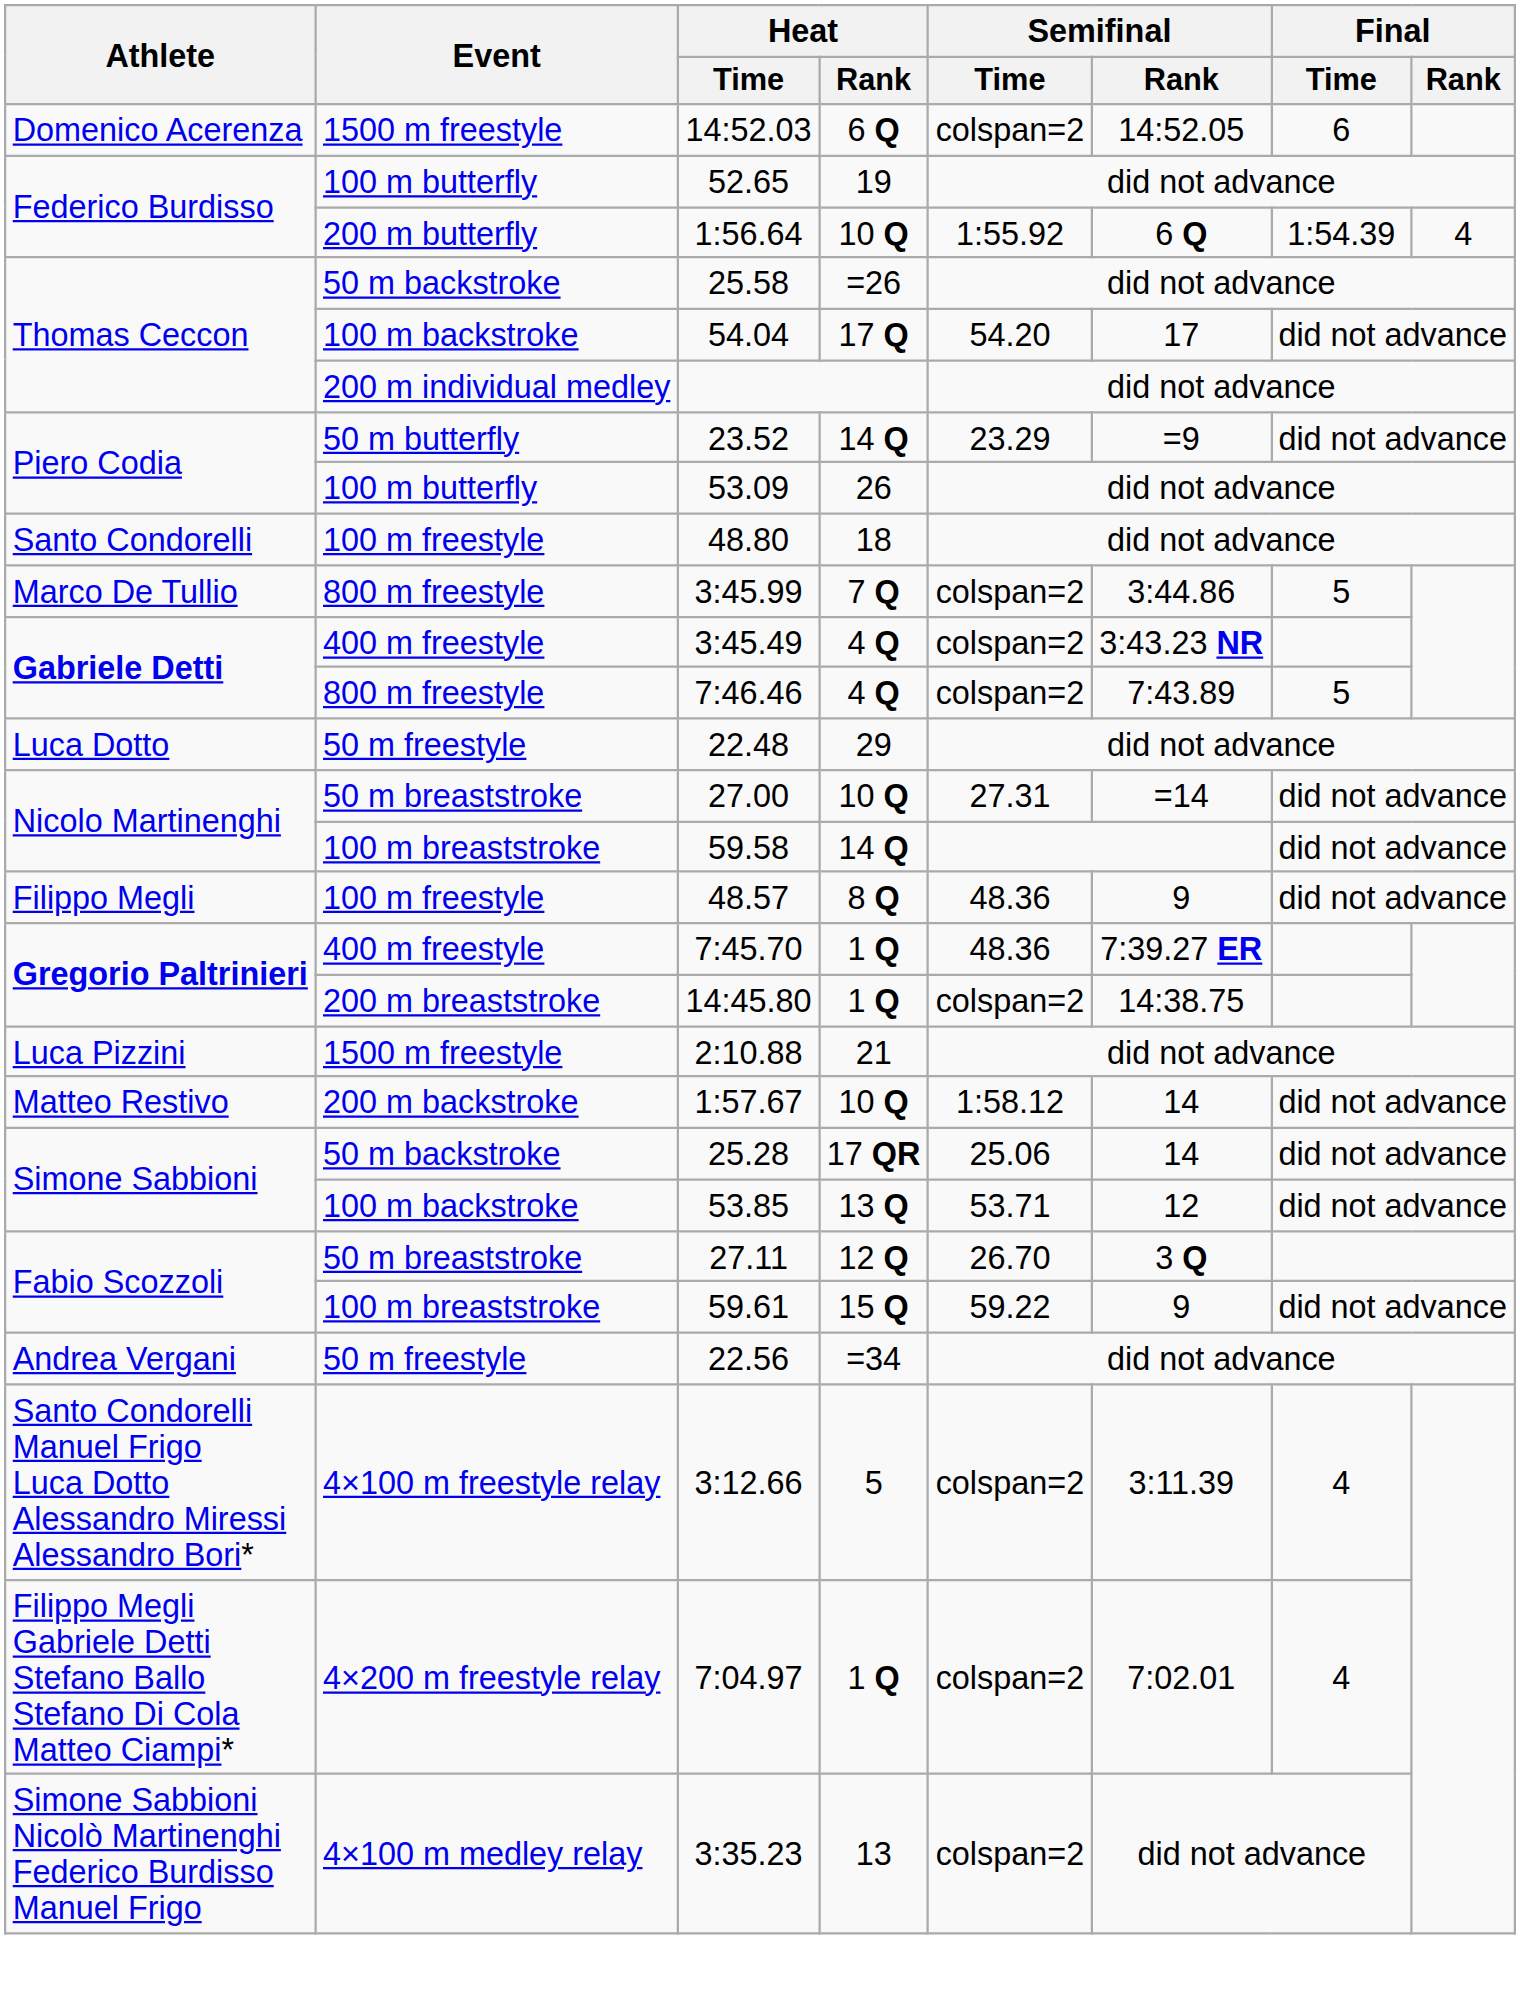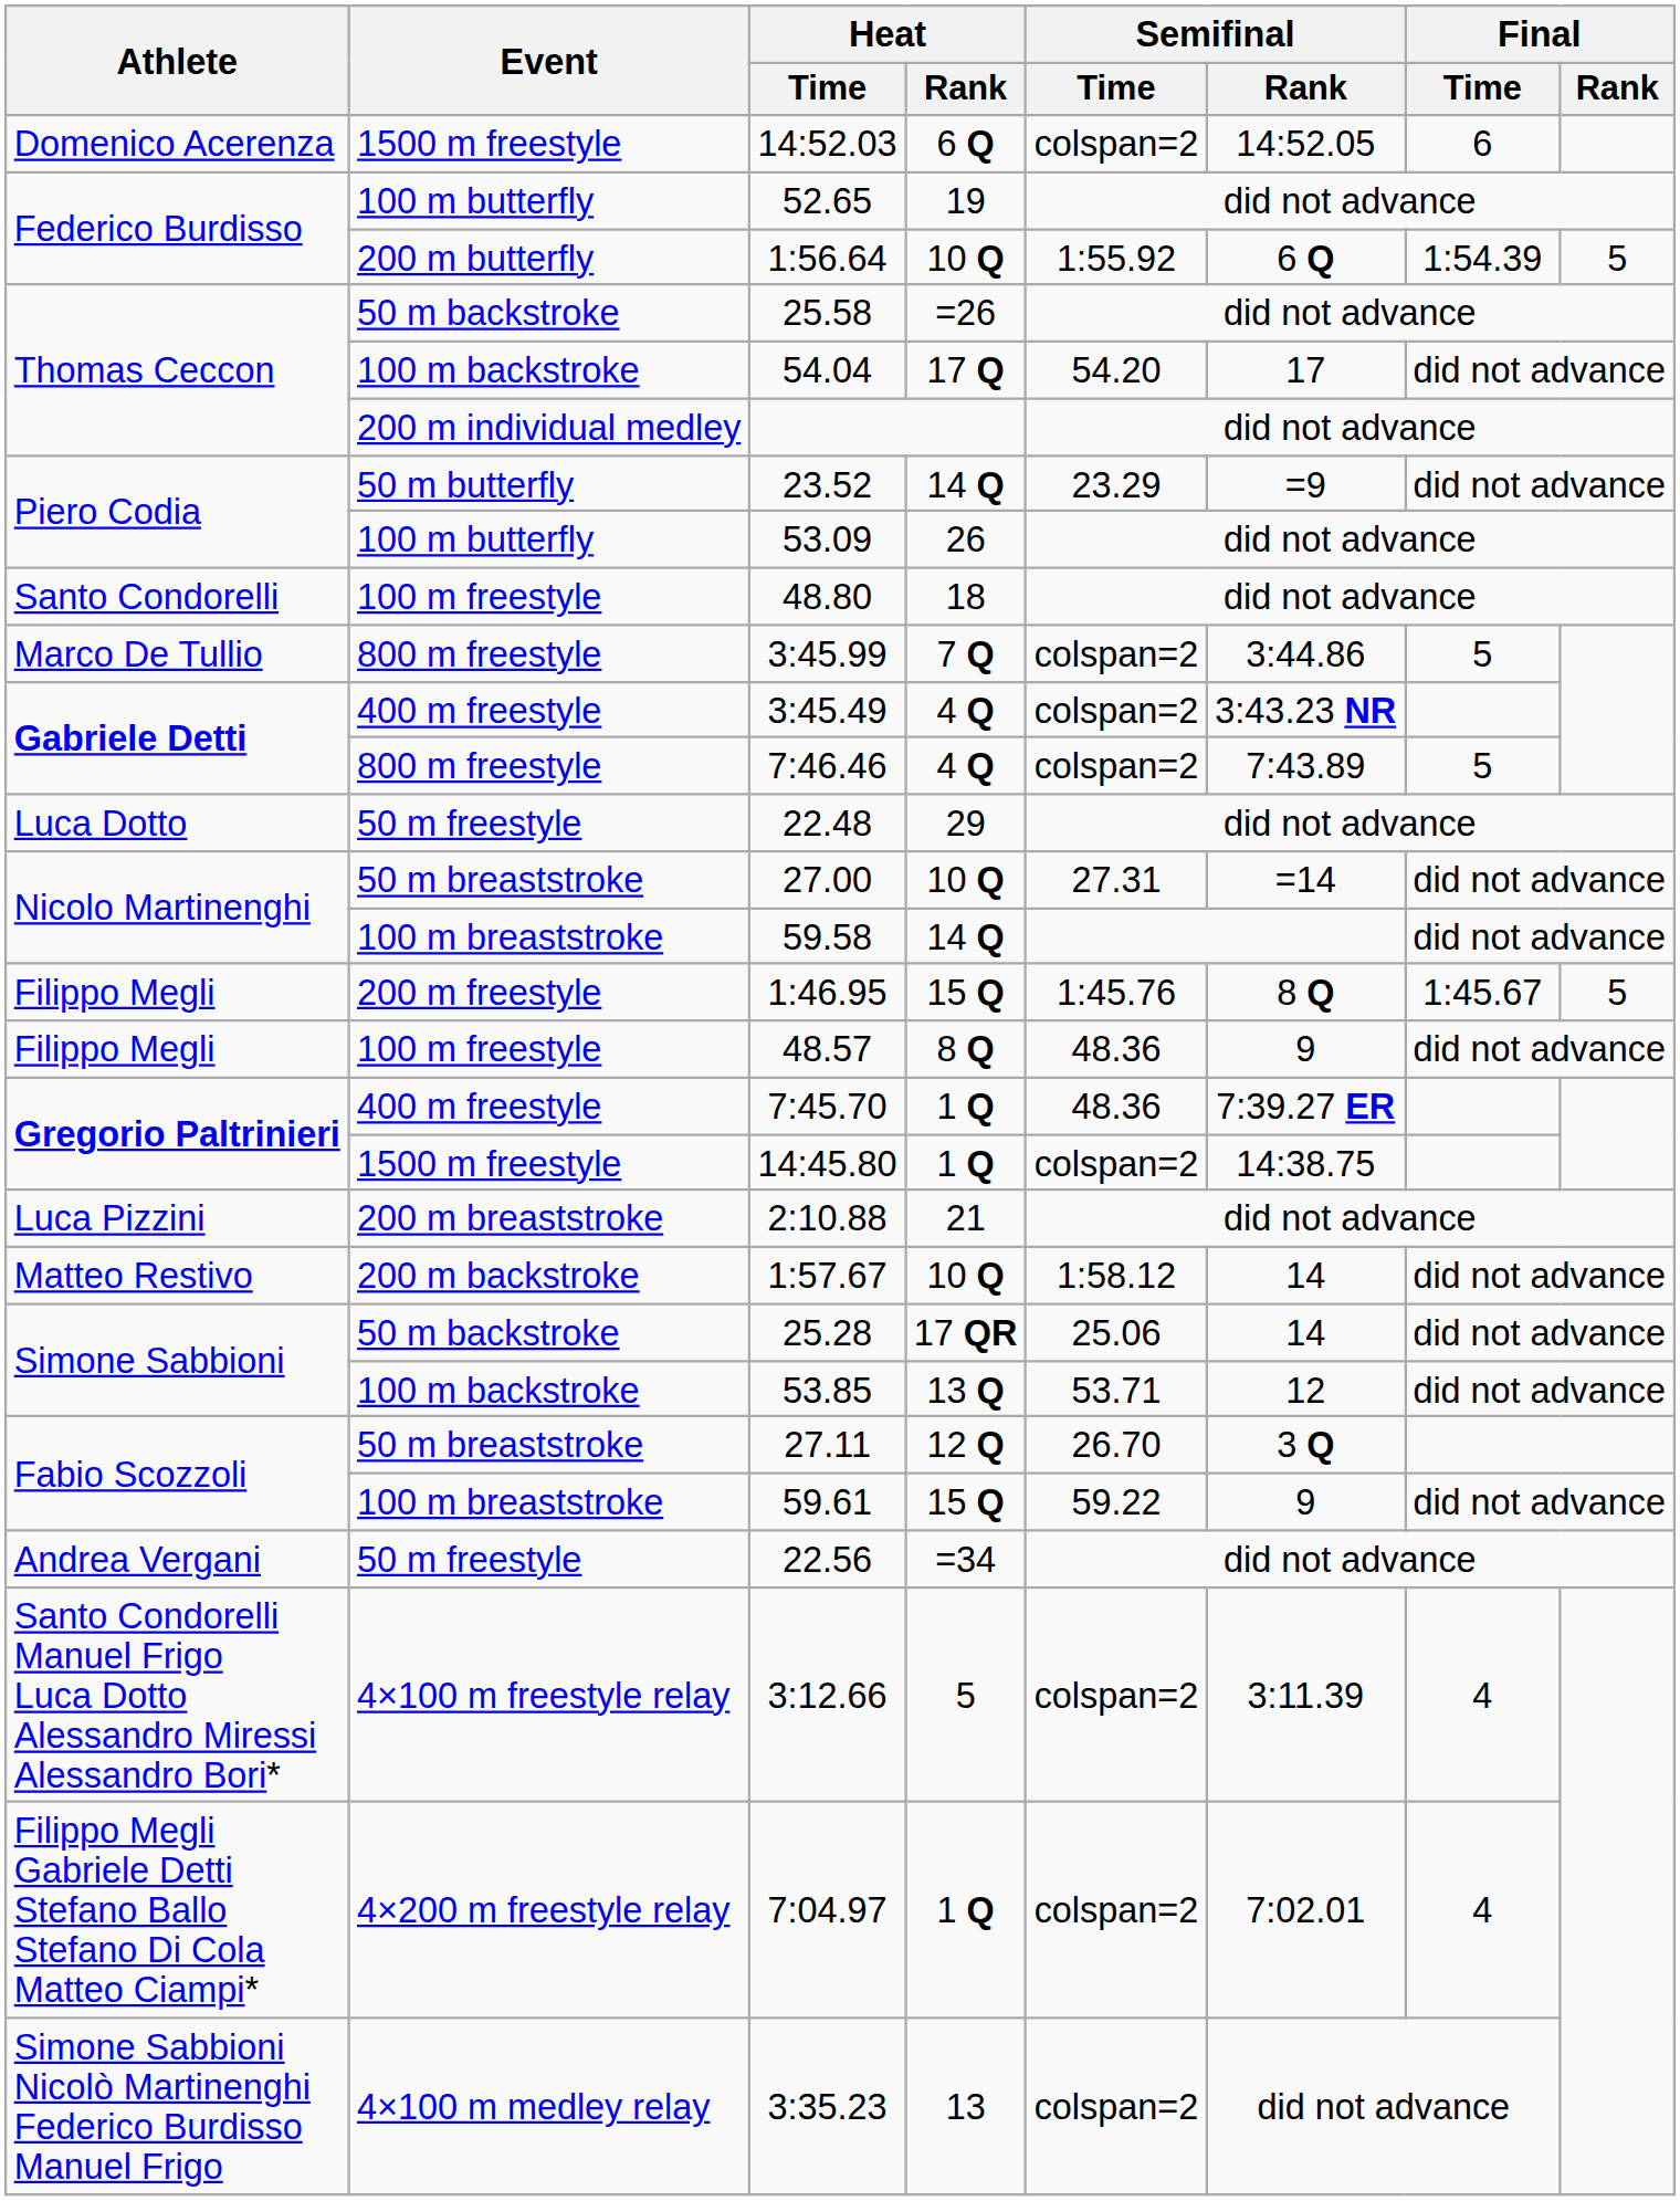 <table class="wikitable" style="text-align:center; font-size:90%">
 <tr>
 <th rowspan="2">Athlete</th>
 <th rowspan="2">Event</th>
 <th colspan="2">Heat</th>
 <th colspan="2">Semifinal</th>
 <th colspan="2">Final</th>
 </tr>
 <tr style="font-size:95%">
 <th>Time</th>
 <th>Rank</th>
 <th>Time</th>
 <th>Rank</th>
 <th>Time</th>
 <th>Rank</th>
 </tr>
 <tr>
 <td align=left><a href='#'>Domenico Acerenza</a></td>
 <td align=left><a href='#'>1500 m freestyle</a></td>
 <td>14:52.03</td>
 <td>6 <strong>Q</strong></td>
 <td>colspan=2 </td>
 <td>14:52.05</td>
 <td>6</td>
 </tr>
 <tr>
 <td align=left rowspan=2><a href='#'>Federico Burdisso</a></td>
 <td align=left><a href='#'>100 m butterfly</a></td>
 <td>52.65</td>
 <td>19</td>
 <td colspan=4>did not advance</td>
 </tr>
 <tr>
 <td align=left><a href='#'>200 m butterfly</a></td>
 <td>1:56.64</td>
 <td>10 <strong>Q</strong></td>
 <td>1:55.92</td>
 <td>6 <strong>Q</strong></td>
 <td>1:54.39</td>
-<td>4</td>
+<td>5</td>
 </tr>
 <tr>
 <td align=left rowspan=3><a href='#'>Thomas Ceccon</a></td>
 <td align=left><a href='#'>50 m backstroke</a></td>
 <td>25.58</td>
 <td>=26</td>
 <td colspan=4>did not advance</td>
 </tr>
 <tr>
 <td align=left><a href='#'>100 m backstroke</a></td>
 <td>54.04</td>
 <td>17 <strong>Q</strong></td>
 <td>54.20</td>
 <td>17</td>
 <td colspan=2>did not advance</td>
 </tr>
 <tr>
 <td align=left><a href='#'>200 m individual medley</a></td>
 <td colspan=2></td>
 <td colspan=4>did not advance</td>
 </tr>
 <tr>
 <td align=left rowspan=2><a href='#'>Piero Codia</a></td>
 <td align=left><a href='#'>50 m butterfly</a></td>
 <td>23.52</td>
 <td>14 <strong>Q</strong></td>
 <td>23.29</td>
 <td>=9</td>
 <td colspan=2>did not advance</td>
 </tr>
 <tr>
 <td align=left><a href='#'>100 m butterfly</a></td>
 <td>53.09</td>
 <td>26</td>
 <td colspan=4>did not advance</td>
 </tr>
 <tr>
 <td align=left><a href='#'>Santo Condorelli</a></td>
 <td align=left><a href='#'>100 m freestyle</a></td>
 <td>48.80</td>
 <td>18</td>
 <td colspan=4>did not advance</td>
 </tr>
 <tr>
 <td align=left><a href='#'>Marco De Tullio</a></td>
 <td align=left><a href='#'>800 m freestyle</a></td>
 <td>3:45.99</td>
 <td>7 <strong>Q</strong></td>
 <td>colspan=2 </td>
 <td>3:44.86</td>
 <td>5</td>
 </tr>
 <tr>
 <td align=left rowspan=2><strong><a href='#'>Gabriele Detti</a></strong></td>
 <td align=left><a href='#'>400 m freestyle</a></td>
 <td>3:45.49</td>
 <td>4 <strong>Q</strong></td>
 <td>colspan=2 </td>
 <td>3:43.23 <strong><a href='#'>NR</a></strong></td>
 <td></td>
 </tr>
 <tr>
 <td align=left><a href='#'>800 m freestyle</a></td>
 <td>7:46.46</td>
 <td>4 <strong>Q</strong></td>
 <td>colspan=2 </td>
 <td>7:43.89</td>
 <td>5</td>
 </tr>
 <tr>
 <td align=left><a href='#'>Luca Dotto</a></td>
 <td align=left><a href='#'>50 m freestyle</a></td>
 <td>22.48</td>
 <td>29</td>
 <td colspan=4>did not advance</td>
 </tr>
 <tr>
 <td align=left rowspan=2><a href='#'>Nicolo Martinenghi</a></td>
 <td align=left><a href='#'>50 m breaststroke</a></td>
 <td>27.00</td>
 <td>10 <strong>Q</strong></td>
 <td>27.31</td>
 <td>=14</td>
 <td colspan=2>did not advance</td>
 </tr>
 <tr>
 <td align=left><a href='#'>100 m breaststroke</a></td>
 <td>59.58</td>
 <td>14 <strong>Q</strong></td>
 <td colspan=2></td>
 <td colspan=2>did not advance</td>
 </tr>
 <tr>
 <td align=left><a href='#'>Filippo Megli</a></td>
+<td align=left><a href='#'>200 m freestyle</a></td>
+<td>1:46.95</td>
+<td>15 <strong>Q</strong></td>
+<td>1:45.76</td>
+<td>8 <strong>Q</strong></td>
+<td>1:45.67</td>
+<td>5</td>
+</tr>
+<tr>
+<td align=left><a href='#'>Filippo Megli</a></td>
 <td align=left><a href='#'>100 m freestyle</a></td>
 <td>48.57</td>
 <td>8 <strong>Q</strong></td>
 <td>48.36</td>
 <td>9</td>
 <td colspan=2>did not advance</td>
 </tr>
 <tr>
 <td align=left rowspan=2><strong><a href='#'>Gregorio Paltrinieri</a></strong></td>
 <td align=left><a href='#'>400 m freestyle</a></td>
 <td>7:45.70</td>
 <td>1 <strong>Q</strong></td>
 <td>48.36</td>
 <td>7:39.27 <strong><a href='#'>ER</a></strong></td>
 <td></td>
 </tr>
 <tr>
-<td align=left><a href='#'>200 m breaststroke</a></td>
+<td align=left><a href='#'>1500 m freestyle</a></td>
 <td>14:45.80</td>
 <td>1 <strong>Q</strong></td>
 <td>colspan=2 </td>
 <td>14:38.75</td>
 <td></td>
 </tr>
 <tr>
 <td align=left><a href='#'>Luca Pizzini</a></td>
-<td align=left><a href='#'>1500 m freestyle</a></td>
+<td align=left><a href='#'>200 m breaststroke</a></td>
 <td>2:10.88</td>
 <td>21</td>
 <td colspan=4>did not advance</td>
 </tr>
 <tr>
 <td align=left><a href='#'>Matteo Restivo</a></td>
 <td align=left><a href='#'>200 m backstroke</a></td>
 <td>1:57.67</td>
 <td>10 <strong>Q</strong></td>
 <td>1:58.12</td>
 <td>14</td>
 <td colspan=2>did not advance</td>
 </tr>
 <tr>
 <td align=left rowspan=2><a href='#'>Simone Sabbioni</a></td>
 <td align=left><a href='#'>50 m backstroke</a></td>
 <td>25.28</td>
 <td>17 <strong>QR</strong></td>
 <td>25.06</td>
 <td>14</td>
 <td colspan=2>did not advance</td>
 </tr>
 <tr>
 <td align=left><a href='#'>100 m backstroke</a></td>
 <td>53.85</td>
 <td>13 <strong>Q</strong></td>
 <td>53.71</td>
 <td>12</td>
 <td colspan=2>did not advance</td>
 </tr>
 <tr>
 <td align=left rowspan=2><a href='#'>Fabio Scozzoli</a></td>
 <td align=left><a href='#'>50 m breaststroke</a></td>
 <td>27.11</td>
 <td>12 <strong>Q</strong></td>
 <td>26.70</td>
 <td>3 <strong>Q</strong></td>
 <td colspan=2></td>
 </tr>
 <tr>
 <td align=left><a href='#'>100 m breaststroke</a></td>
 <td>59.61</td>
 <td>15 <strong>Q</strong></td>
 <td>59.22</td>
 <td>9</td>
 <td colspan=2>did not advance</td>
 </tr>
 <tr>
 <td align=left><a href='#'>Andrea Vergani</a></td>
 <td align=left><a href='#'>50 m freestyle</a></td>
 <td>22.56</td>
 <td>=34</td>
 <td colspan=4>did not advance</td>
 </tr>
 <tr>
 <td align=left><a href='#'>Santo Condorelli</a><br><a href='#'>Manuel Frigo</a><br><a href='#'>Luca Dotto</a><br><a href='#'>Alessandro Miressi</a><br><a href='#'>Alessandro Bori</a>*</td>
 <td align=left><a href='#'>4×100 m freestyle relay</a></td>
 <td>3:12.66</td>
 <td>5</td>
 <td>colspan=2 </td>
 <td>3:11.39</td>
 <td>4</td>
 </tr>
 <tr>
 <td align=left><a href='#'>Filippo Megli</a><br><a href='#'>Gabriele Detti</a><br><a href='#'>Stefano Ballo</a><br><a href='#'>Stefano Di Cola</a><br><a href='#'>Matteo Ciampi</a>*</td>
 <td align=left><a href='#'>4×200 m freestyle relay</a></td>
 <td>7:04.97</td>
 <td>1 <strong>Q</strong></td>
 <td>colspan=2 </td>
 <td>7:02.01</td>
 <td>4</td>
 </tr>
 <tr>
 <td align=left><a href='#'>Simone Sabbioni</a><br><a href='#'>Nicolò Martinenghi</a><br><a href='#'>Federico Burdisso</a><br><a href='#'>Manuel Frigo</a></td>
 <td align=left><a href='#'>4×100 m medley relay</a></td>
 <td>3:35.23</td>
 <td>13</td>
 <td>colspan=2 </td>
 <td colspan=2>did not advance</td>
 </tr>
 </table>
